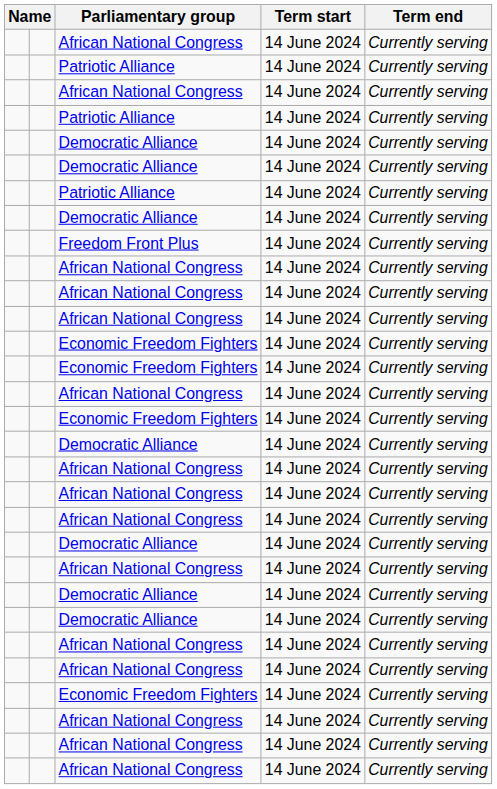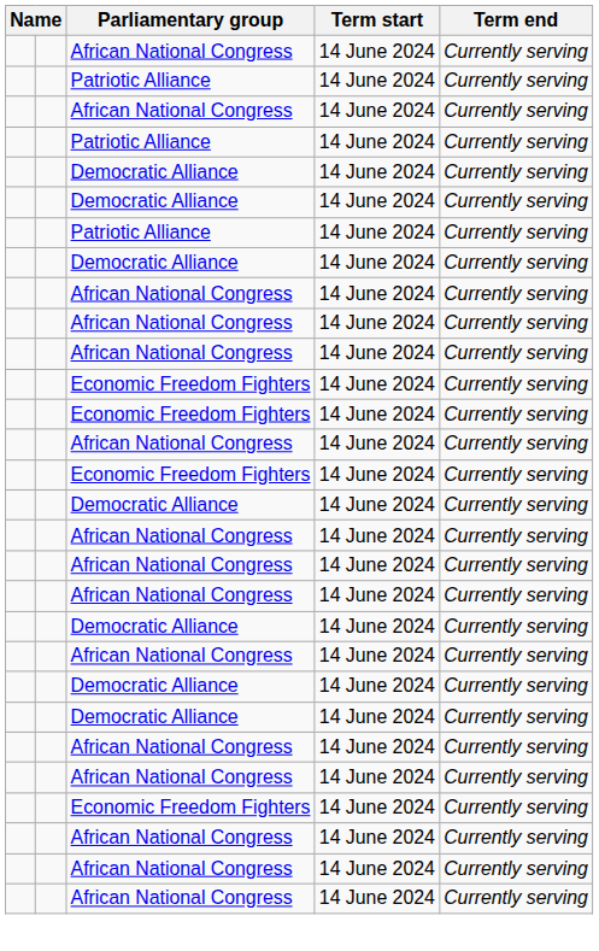 <table class="wikitable sortable">
 <tr>
 <th scope=col colspan=2>Name</th>
 <th scope=col>Parliamentary group</th>
 <th scope=col>Term start</th>
 <th scope=col>Term end</th>
 </tr>
 <tr>
 <td style="background-color: "></td>
 <td></td>
 <td><a href='#'>African National Congress</a></td>
 <td>14 June 2024</td>
 <td><em>Currently serving</em></td>
 </tr>
 <tr>
 <td style="background-color: "></td>
 <td></td>
 <td><a href='#'>Patriotic Alliance</a></td>
 <td>14 June 2024</td>
 <td><em>Currently serving</em></td>
 </tr>
 <tr>
 <td style="background-color: "></td>
 <td></td>
 <td><a href='#'>African National Congress</a></td>
 <td>14 June 2024</td>
 <td><em>Currently serving</em></td>
 </tr>
 <tr>
 <td style="background-color: "></td>
 <td></td>
 <td><a href='#'>Patriotic Alliance</a></td>
 <td>14 June 2024</td>
 <td><em>Currently serving</em></td>
 </tr>
 <tr>
 <td style="background-color: "></td>
 <td></td>
 <td><a href='#'>Democratic Alliance</a></td>
 <td>14 June 2024</td>
 <td><em>Currently serving</em></td>
 </tr>
 <tr>
 <td style="background-color: "></td>
 <td></td>
 <td><a href='#'>Democratic Alliance</a></td>
 <td>14 June 2024</td>
 <td><em>Currently serving</em></td>
 </tr>
 <tr>
 <td style="background-color: "></td>
 <td></td>
 <td><a href='#'>Patriotic Alliance</a></td>
 <td>14 June 2024</td>
 <td><em>Currently serving</em></td>
 </tr>
 <tr>
 <td style="background-color: "></td>
 <td></td>
 <td><a href='#'>Democratic Alliance</a></td>
-<td>14 June 2024</td>
-<td><em>Currently serving</em></td>
-</tr>
-<tr>
-<td style="background-color: "></td>
-<td></td>
-<td><a href='#'>Freedom Front Plus</a></td>
 <td>14 June 2024</td>
 <td><em>Currently serving</em></td>
 </tr>
 <tr>
 <td style="background-color: "></td>
 <td></td>
 <td><a href='#'>African National Congress</a></td>
 <td>14 June 2024</td>
 <td><em>Currently serving</em></td>
 </tr>
 <tr>
 <td style="background-color: "></td>
 <td></td>
 <td><a href='#'>African National Congress</a></td>
 <td>14 June 2024</td>
 <td><em>Currently serving</em></td>
 </tr>
 <tr>
 <td style="background-color: "></td>
 <td></td>
 <td><a href='#'>African National Congress</a></td>
 <td>14 June 2024</td>
 <td><em>Currently serving</em></td>
 </tr>
 <tr>
 <td style="background-color: "></td>
 <td></td>
 <td><a href='#'>Economic Freedom Fighters</a></td>
 <td>14 June 2024</td>
 <td><em>Currently serving</em></td>
 </tr>
 <tr>
 <td style="background-color: "></td>
 <td></td>
 <td><a href='#'>Economic Freedom Fighters</a></td>
 <td>14 June 2024</td>
 <td><em>Currently serving</em></td>
 </tr>
 <tr>
 <td style="background-color: "></td>
 <td></td>
 <td><a href='#'>African National Congress</a></td>
 <td>14 June 2024</td>
 <td><em>Currently serving</em></td>
 </tr>
 <tr>
 <td style="background-color: "></td>
 <td></td>
 <td><a href='#'>Economic Freedom Fighters</a></td>
 <td>14 June 2024</td>
 <td><em>Currently serving</em></td>
 </tr>
 <tr>
 <td style="background-color: "></td>
 <td></td>
 <td><a href='#'>Democratic Alliance</a></td>
 <td>14 June 2024</td>
 <td><em>Currently serving</em></td>
 </tr>
 <tr>
 <td style="background-color: "></td>
 <td></td>
 <td><a href='#'>African National Congress</a></td>
 <td>14 June 2024</td>
 <td><em>Currently serving</em></td>
 </tr>
 <tr>
 <td style="background-color: "></td>
 <td></td>
 <td><a href='#'>African National Congress</a></td>
 <td>14 June 2024</td>
 <td><em>Currently serving</em></td>
 </tr>
 <tr>
 <td style="background-color: "></td>
 <td></td>
 <td><a href='#'>African National Congress</a></td>
 <td>14 June 2024</td>
 <td><em>Currently serving</em></td>
 </tr>
 <tr>
 <td style="background-color: "></td>
 <td></td>
 <td><a href='#'>Democratic Alliance</a></td>
 <td>14 June 2024</td>
 <td><em>Currently serving</em></td>
 </tr>
 <tr>
 <td style="background-color: "></td>
 <td></td>
 <td><a href='#'>African National Congress</a></td>
 <td>14 June 2024</td>
 <td><em>Currently serving</em></td>
 </tr>
 <tr>
 <td style="background-color: "></td>
 <td></td>
 <td><a href='#'>Democratic Alliance</a></td>
 <td>14 June 2024</td>
 <td><em>Currently serving</em></td>
 </tr>
 <tr>
 <td style="background-color: "></td>
 <td></td>
 <td><a href='#'>Democratic Alliance</a></td>
 <td>14 June 2024</td>
 <td><em>Currently serving</em></td>
 </tr>
 <tr>
 <td style="background-color: "></td>
 <td></td>
 <td><a href='#'>African National Congress</a></td>
 <td>14 June 2024</td>
 <td><em>Currently serving</em></td>
 </tr>
 <tr>
 <td style="background-color: "></td>
 <td></td>
 <td><a href='#'>African National Congress</a></td>
 <td>14 June 2024</td>
 <td><em>Currently serving</em></td>
 </tr>
 <tr>
 <td style="background-color: "></td>
 <td></td>
 <td><a href='#'>Economic Freedom Fighters</a></td>
 <td>14 June 2024</td>
 <td><em>Currently serving</em></td>
 </tr>
 <tr>
 <td style="background-color: "></td>
 <td></td>
 <td><a href='#'>African National Congress</a></td>
 <td>14 June 2024</td>
 <td><em>Currently serving</em></td>
 </tr>
 <tr>
 <td style="background-color: "></td>
 <td></td>
 <td><a href='#'>African National Congress</a></td>
 <td>14 June 2024</td>
 <td><em>Currently serving</em></td>
 </tr>
 <tr>
 <td style="background-color: "></td>
 <td></td>
 <td><a href='#'>African National Congress</a></td>
 <td>14 June 2024</td>
 <td><em>Currently serving</em></td>
 </tr>
 </table>
